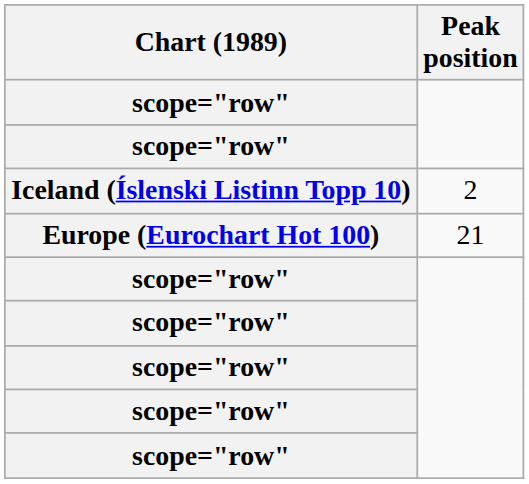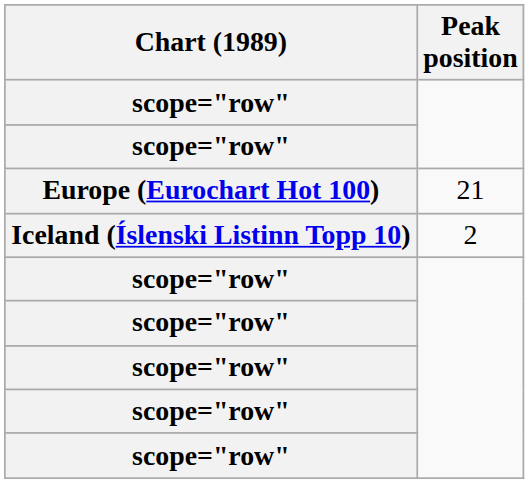 <table class="wikitable sortable plainrowheaders" style="text-align:center">
 <tr>
 <th scope="col">Chart (1989)</th>
 <th scope="col">Peak<br>position</th>
 </tr>
 <tr>
 <th>scope="row"</th>
 </tr>
 <tr>
 <th>scope="row"</th>
 </tr>
 <tr>
+<th scope="row">Europe (<a href='#'>Eurochart Hot 100</a>)</th>
+<td>21</td>
+</tr>
+<tr>
 <th scope="row">Iceland (<a href='#'>Íslenski Listinn Topp 10</a>)</th>
 <td>2</td>
-</tr>
-<tr>
-<th scope="row">Europe (<a href='#'>Eurochart Hot 100</a>)</th>
-<td>21</td>
 </tr>
 <tr>
 <th>scope="row"</th>
 </tr>
 <tr>
 <th>scope="row"</th>
 </tr>
 <tr>
 <th>scope="row"</th>
 </tr>
 <tr>
 <th>scope="row"</th>
 </tr>
 <tr>
 <th>scope="row"</th>
 </tr>
 </table>
